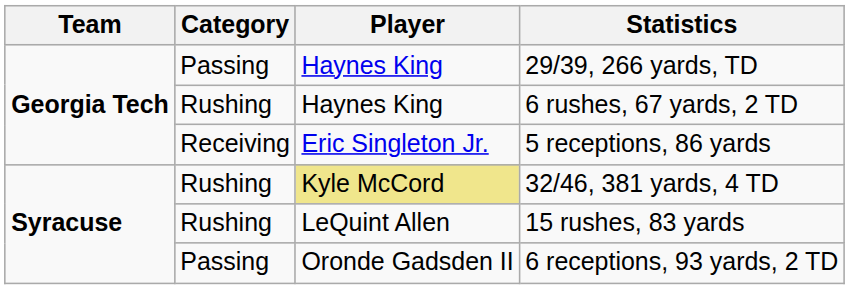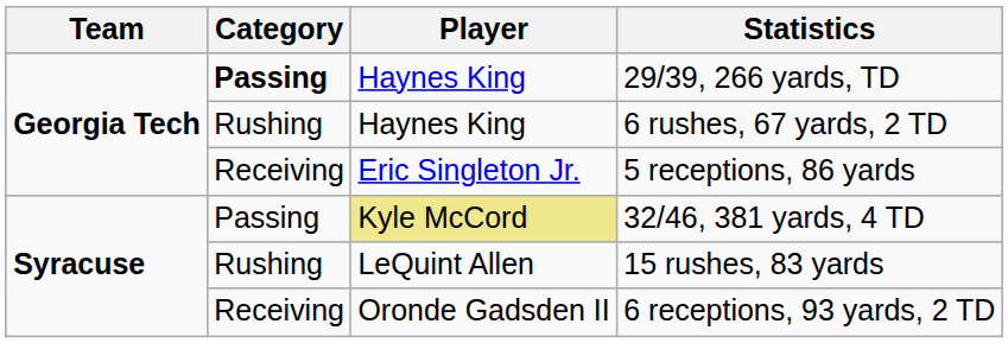 <table class="wikitable" style="float: right;">
 <tr>
 <th>Team</th>
 <th>Category</th>
 <th>Player</th>
 <th>Statistics</th>
 </tr>
 <tr>
 <td rowspan=3><strong>Georgia Tech</strong></td>
-<td>Passing</td>
+<td><strong>Passing</strong></td>
 <td><a href='#'>Haynes King</a></td>
 <td>29/39, 266 yards, TD</td>
 </tr>
 <tr>
 <td>Rushing</td>
 <td>Haynes King</td>
 <td>6 rushes, 67 yards, 2 TD</td>
 </tr>
 <tr>
 <td>Receiving</td>
 <td><a href='#'>Eric Singleton Jr.</a></td>
 <td>5 receptions, 86 yards</td>
 </tr>
 <tr>
 <td rowspan=3><strong>Syracuse</strong></td>
-<td>Rushing</td>
+<td>Passing</td>
 <td style="background: khaki;">Kyle McCord</td>
 <td>32/46, 381 yards, 4 TD</td>
 </tr>
 <tr>
 <td>Rushing</td>
 <td>LeQuint Allen</td>
 <td>15 rushes, 83 yards</td>
 </tr>
 <tr>
-<td>Passing</td>
+<td>Receiving</td>
 <td>Oronde Gadsden II</td>
 <td>6 receptions, 93 yards, 2 TD</td>
 </tr>
 </table>
